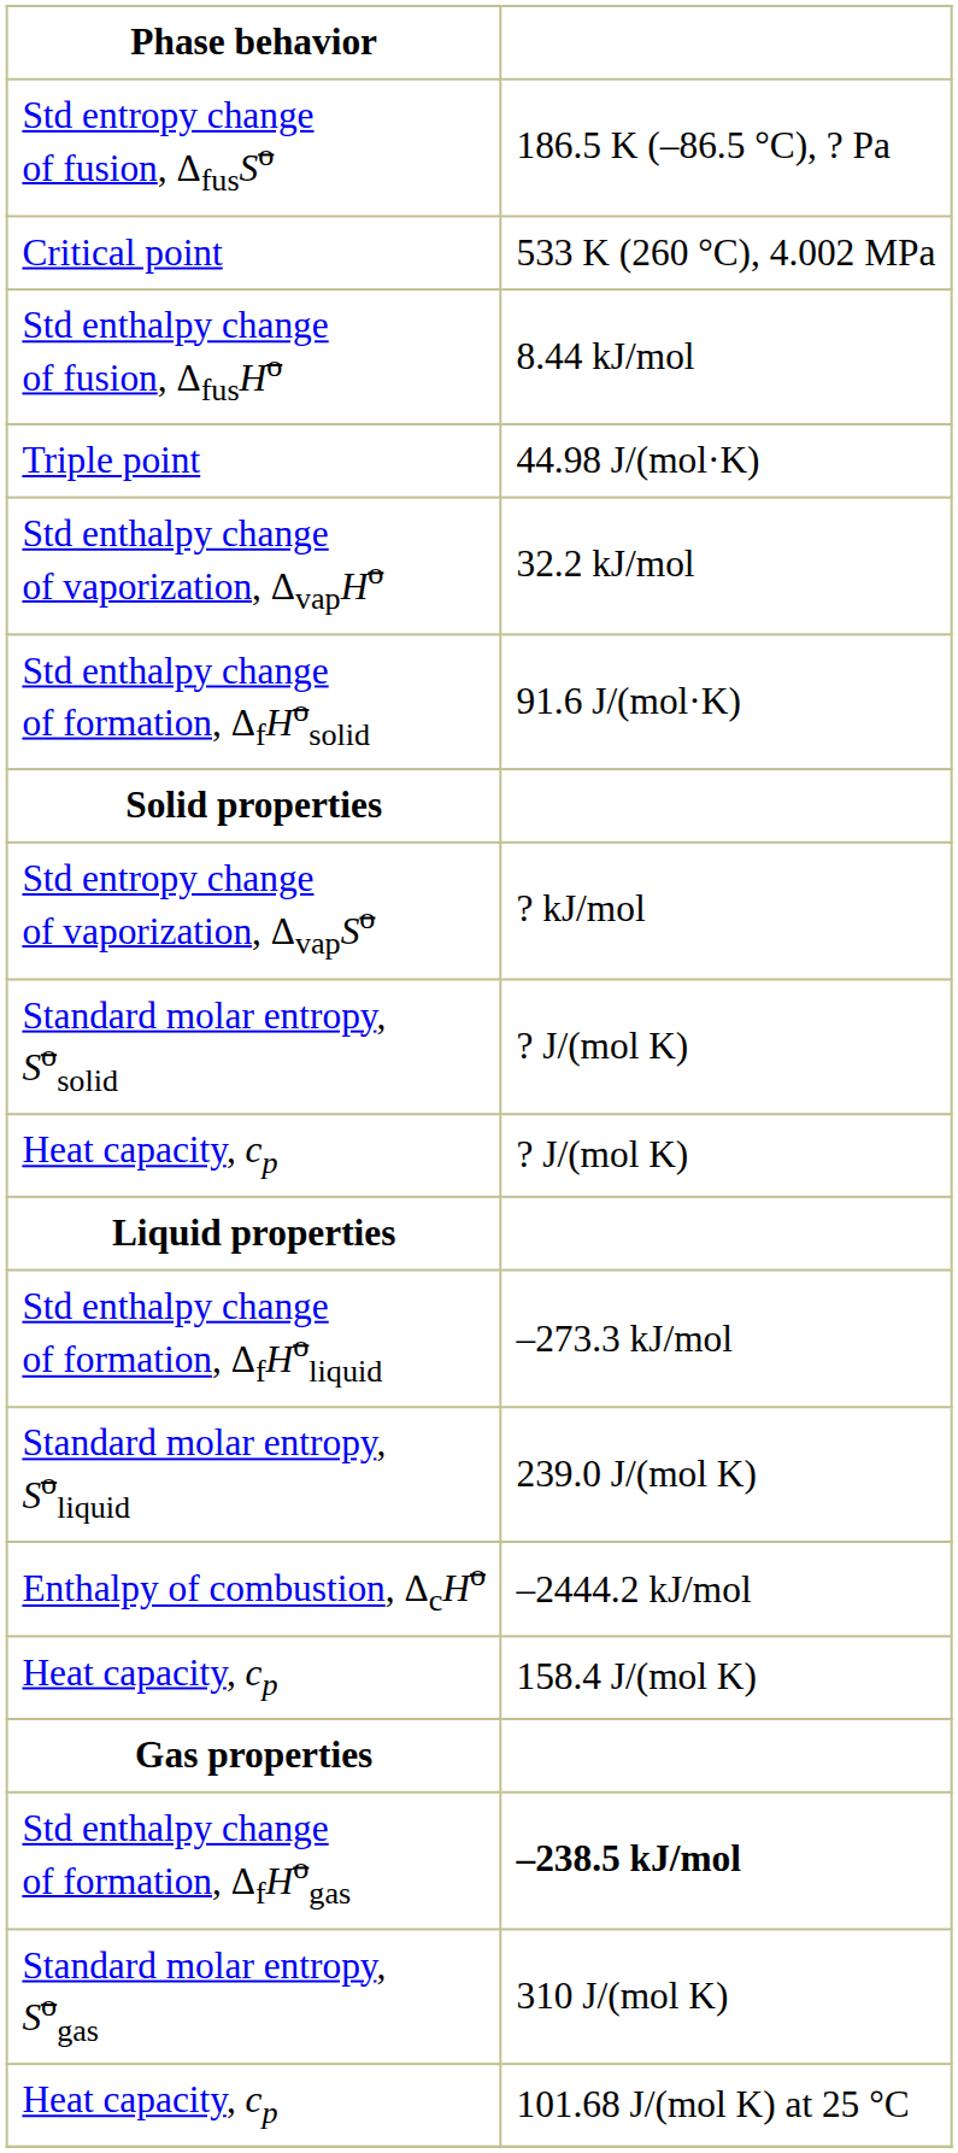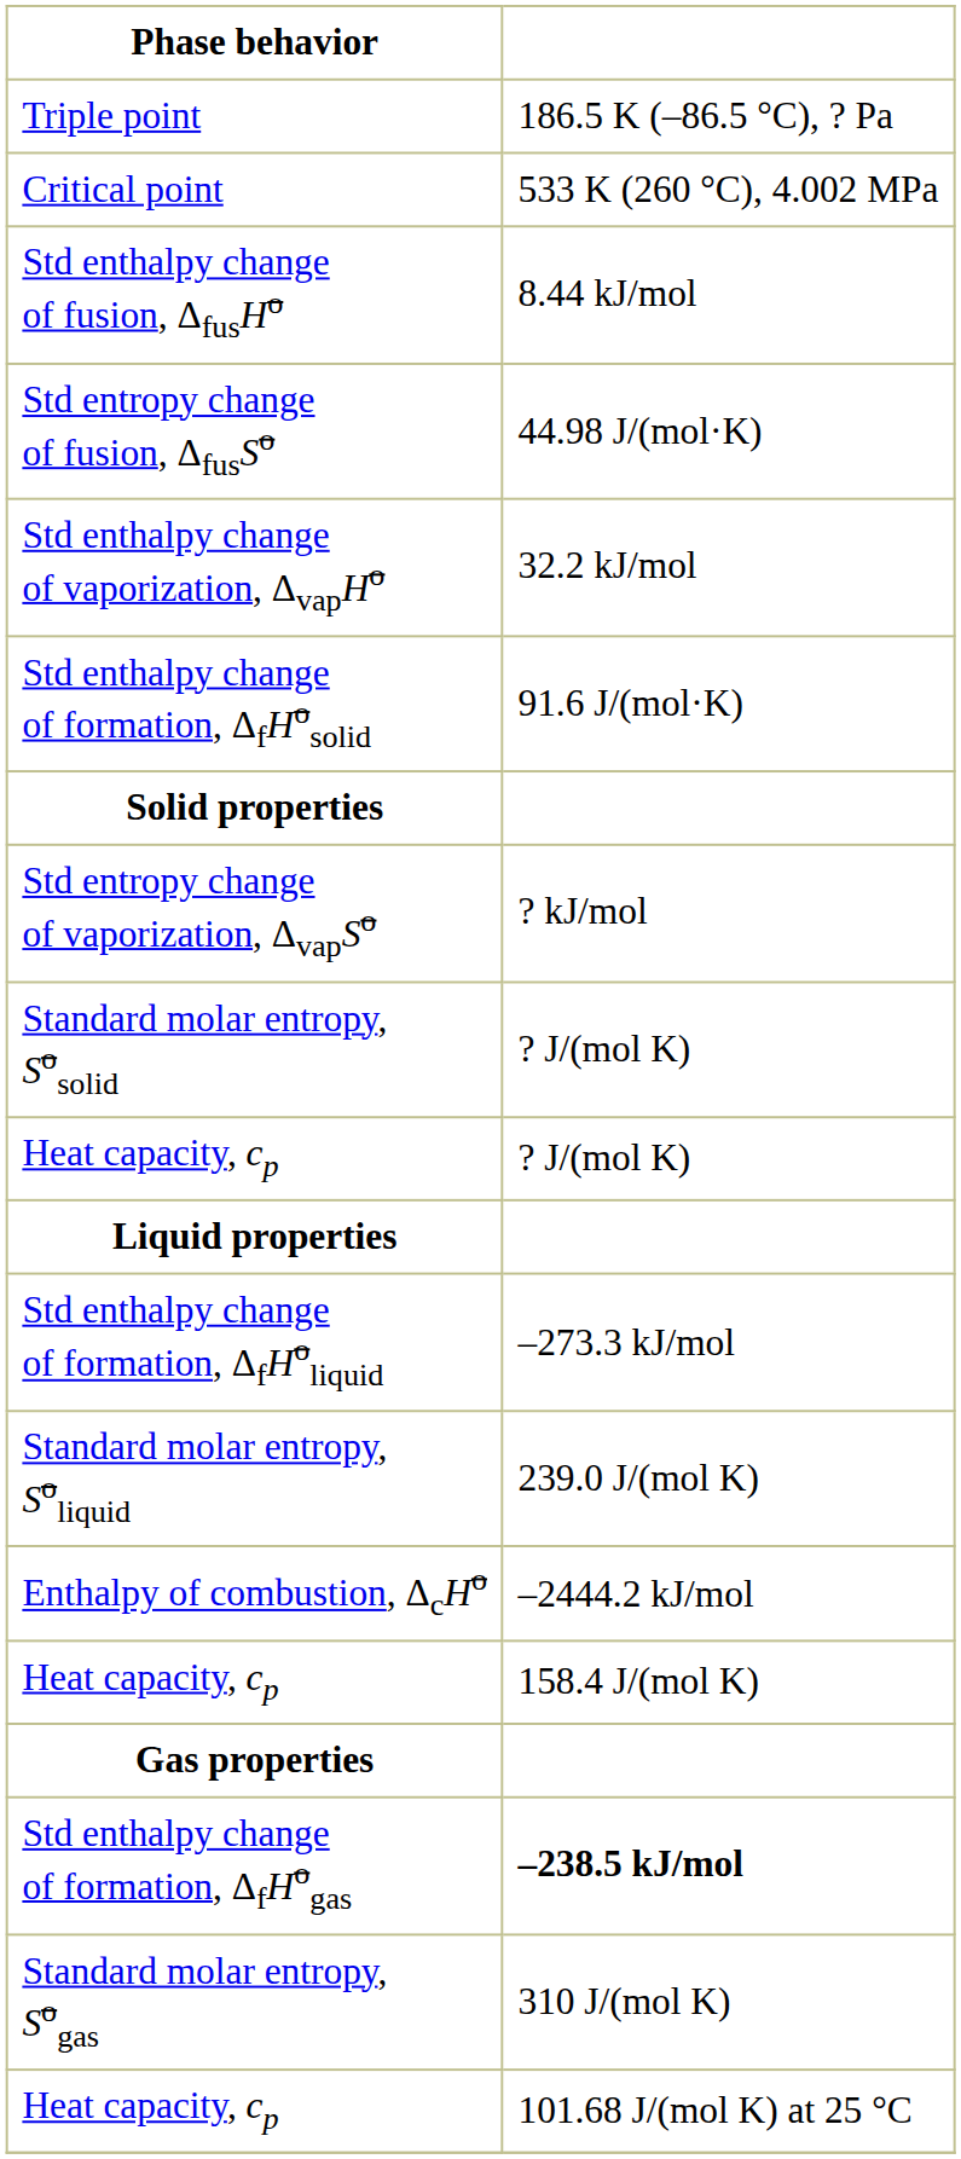 <table border="1" cellspacing="0" cellpadding="6" style="margin: 0 0 0 0.5em; background: #FFFFFF; border-collapse: collapse; border-color: #C0C090;">
 <tr>
 <th>Phase behavior</th>
 </tr>
 <tr>
-<td><a href='#'>Std entropy change<br>of fusion</a>, Δ<sub>fus</sub><em>S</em><sup><s>o</s></sup></td>
+<td><a href='#'>Triple point</a></td>
 <td>186.5	 K (–86.5 °C), ? Pa</td>
 </tr>
 <tr>
 <td><a href='#'>Critical point</a></td>
 <td>533 K (260 °C), 4.002 MPa</td>
 </tr>
 <tr>
 <td><a href='#'>Std enthalpy change<br>of fusion</a>, Δ<sub>fus</sub><em>H</em><sup><s>o</s></sup></td>
 <td>8.44 kJ/mol</td>
 </tr>
 <tr>
-<td><a href='#'>Triple point</a></td>
+<td><a href='#'>Std entropy change<br>of fusion</a>, Δ<sub>fus</sub><em>S</em><sup><s>o</s></sup></td>
 <td>44.98 J/(mol·K)</td>
 </tr>
 <tr>
 <td><a href='#'>Std enthalpy change<br>of vaporization</a>, Δ<sub>vap</sub><em>H</em><sup><s>o</s></sup></td>
 <td>32.2 kJ/mol</td>
 </tr>
 <tr>
 <td><a href='#'>Std enthalpy change<br>of formation</a>, Δ<sub>f</sub><em>H</em><sup><s>o</s></sup><sub>solid</sub></td>
 <td>91.6 J/(mol·K)</td>
 </tr>
 <tr>
 <th>Solid properties</th>
 </tr>
 <tr>
 <td><a href='#'>Std entropy change<br>of vaporization</a>, Δ<sub>vap</sub><em>S</em><sup><s>o</s></sup></td>
 <td>? kJ/mol</td>
 </tr>
 <tr>
 <td><a href='#'>Standard molar entropy</a>,<br><em>S</em><sup><s>o</s></sup><sub>solid</sub></td>
 <td>? J/(mol K)</td>
 </tr>
 <tr>
 <td><a href='#'>Heat capacity</a>, <em>c<sub>p</sub></em></td>
 <td>? J/(mol K)</td>
 </tr>
 <tr>
 <th>Liquid properties</th>
 </tr>
 <tr>
 <td><a href='#'>Std enthalpy change<br>of formation</a>, Δ<sub>f</sub><em>H</em><sup><s>o</s></sup><sub>liquid</sub></td>
 <td>–273.3 kJ/mol</td>
 </tr>
 <tr>
 <td><a href='#'>Standard molar entropy</a>,<br><em>S</em><sup><s>o</s></sup><sub>liquid</sub></td>
 <td>239.0 J/(mol K)</td>
 </tr>
 <tr>
 <td><a href='#'>Enthalpy of combustion</a>, Δ<sub>c</sub><em>H</em><sup><s>o</s></sup></td>
 <td>–2444.2 kJ/mol</td>
 </tr>
 <tr>
 <td><a href='#'>Heat capacity</a>, <em>c<sub>p</sub></em></td>
 <td>158.4 J/(mol K)</td>
 </tr>
 <tr>
 <th>Gas properties</th>
 </tr>
 <tr>
 <td><a href='#'>Std enthalpy change<br>of formation</a>, Δ<sub>f</sub><em>H</em><sup><s>o</s></sup><sub>gas</sub></td>
 <td><strong>–238.5 kJ/mol</strong></td>
 </tr>
 <tr>
 <td><a href='#'>Standard molar entropy</a>,<br><em>S</em><sup><s>o</s></sup><sub>gas</sub></td>
 <td>310 J/(mol K)</td>
 </tr>
 <tr>
 <td><a href='#'>Heat capacity</a>, <em>c<sub>p</sub></em></td>
 <td>101.68 J/(mol K) at 25 °C</td>
 </tr>
 <tr>
 </tr>
 </table>
